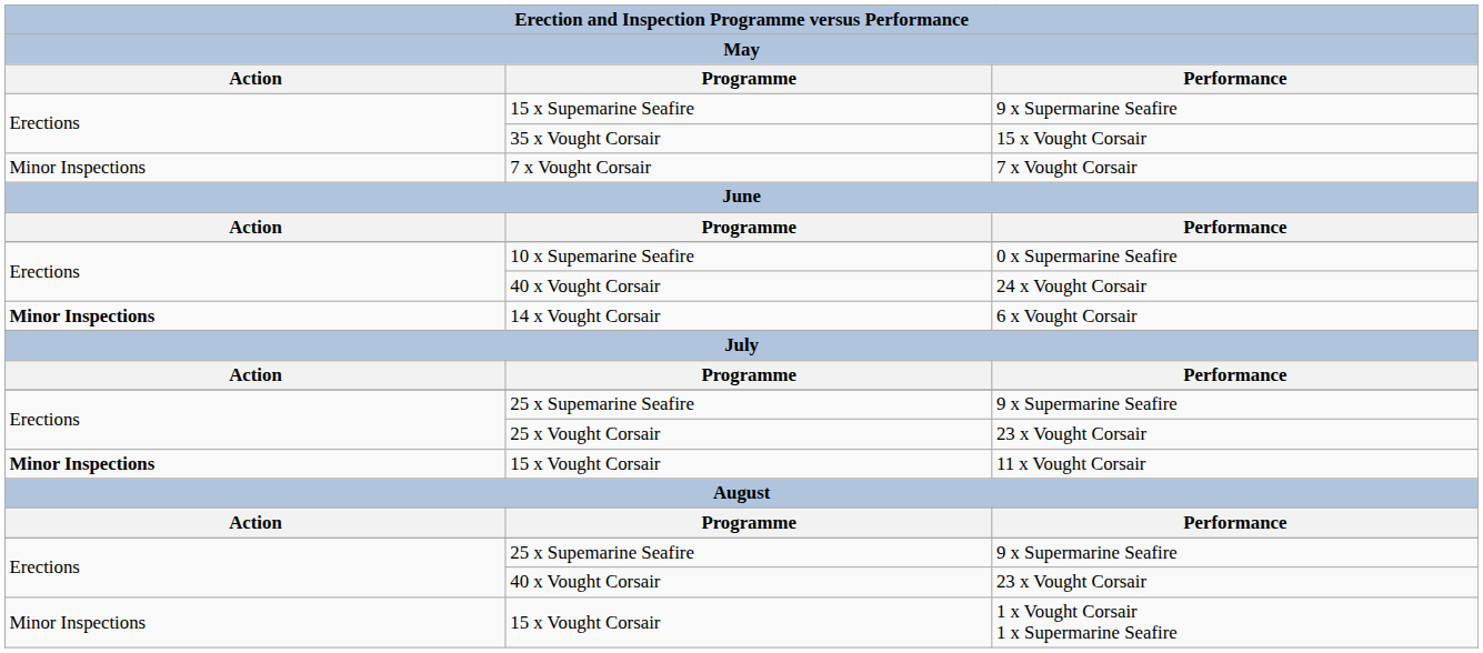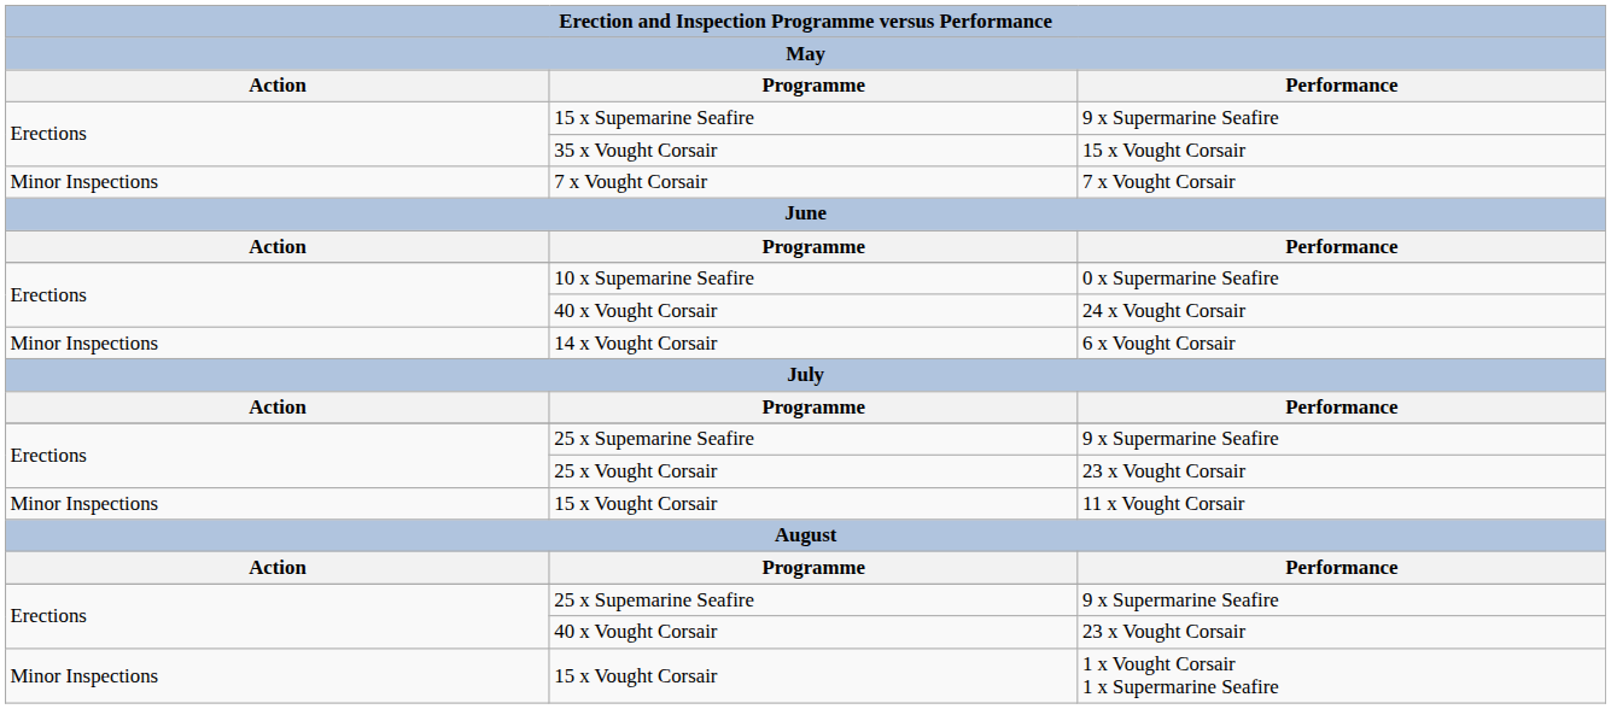 <table class="wikitable" style="margin:auto; width:100%;">
 <tr>
 <th style="align: center; background:#B0C4DE;" colspan="5">Erection and Inspection Programme versus Performance</th>
 </tr>
 <tr>
 <th style="align: center; background:#B0C4DE;" colspan="5">May</th>
 </tr>
 <tr>
 <th style="text-align:center; width:34%;">Action</th>
 <th style="text-align:center; width:33%;">Programme</th>
 <th style="text-align:center; width:33%;">Performance</th>
 </tr>
 <tr>
 <td rowspan="2">Erections</td>
 <td>15 x Supemarine Seafire</td>
 <td>9 x Supermarine Seafire</td>
 </tr>
 <tr>
 <td>35 x Vought Corsair</td>
 <td>15 x Vought Corsair</td>
 </tr>
 <tr>
 <td>Minor Inspections</td>
 <td>7 x Vought Corsair</td>
 <td>7 x Vought Corsair</td>
 </tr>
 <tr>
 <th style="align: center; background:#B0C4DE;" colspan="5">June</th>
 </tr>
 <tr>
 <th style="text-align:center; width:34%;">Action</th>
 <th style="text-align:center; width:33%;">Programme</th>
 <th style="text-align:center; width:33%;">Performance</th>
 </tr>
 <tr>
 </tr>
 <tr>
 <td rowspan="2">Erections</td>
 <td>10 x Supemarine Seafire</td>
 <td>0 x Supermarine Seafire</td>
 </tr>
 <tr>
 <td>40 x Vought Corsair</td>
 <td>24 x Vought Corsair</td>
 </tr>
 <tr>
-<td><strong>Minor Inspections</strong></td>
+<td>Minor Inspections</td>
 <td>14 x Vought Corsair</td>
 <td>6 x Vought Corsair</td>
 </tr>
 <tr>
 <th style="align: center; background:#B0C4DE;" colspan="5">July</th>
 </tr>
 <tr>
 <th style="text-align:center; width:34%;">Action</th>
 <th style="text-align:center; width:33%;">Programme</th>
 <th style="text-align:center; width:33%;">Performance</th>
 </tr>
 <tr>
 </tr>
 <tr>
 <td rowspan="2">Erections</td>
 <td>25 x Supemarine Seafire</td>
 <td>9 x Supermarine Seafire</td>
 </tr>
 <tr>
 <td>25 x Vought Corsair</td>
 <td>23 x Vought Corsair</td>
 </tr>
 <tr>
-<td><strong>Minor Inspections</strong></td>
+<td>Minor Inspections</td>
 <td>15 x Vought Corsair</td>
 <td>11 x Vought Corsair</td>
 </tr>
 <tr>
 <th style="align: center; background:#B0C4DE;" colspan="5">August</th>
 </tr>
 <tr>
 <th style="text-align:center; width:34%;">Action</th>
 <th style="text-align:center; width:33%;">Programme</th>
 <th style="text-align:center; width:33%;">Performance</th>
 </tr>
 <tr>
 </tr>
 <tr>
 <td rowspan="2">Erections</td>
 <td>25 x Supemarine Seafire</td>
 <td>9 x Supermarine Seafire</td>
 </tr>
 <tr>
 <td>40 x Vought Corsair</td>
 <td>23 x Vought Corsair</td>
 </tr>
 <tr>
 <td>Minor Inspections</td>
 <td>15 x Vought Corsair</td>
 <td>1 x Vought Corsair<br> 1 x Supermarine Seafire</td>
 </tr>
 </table>
